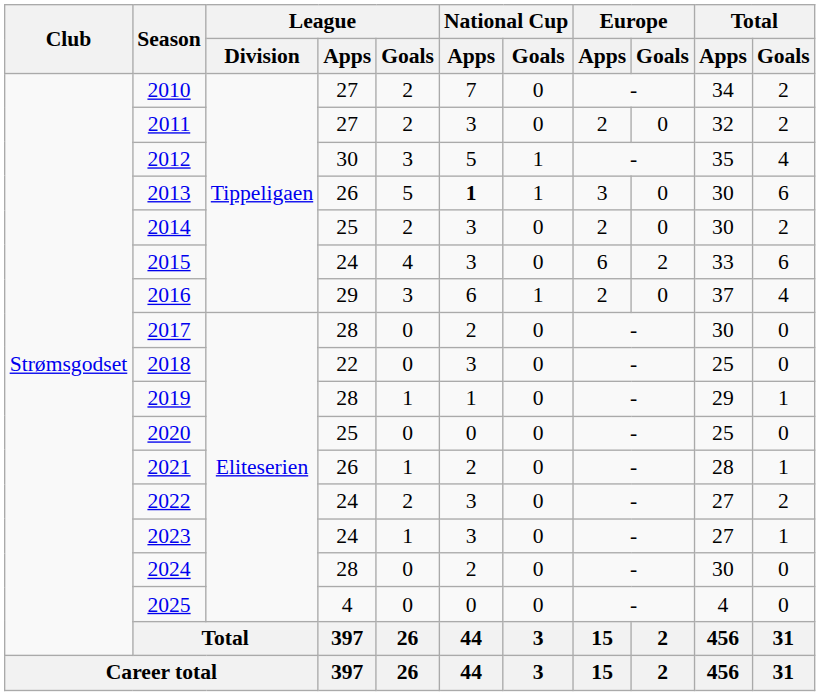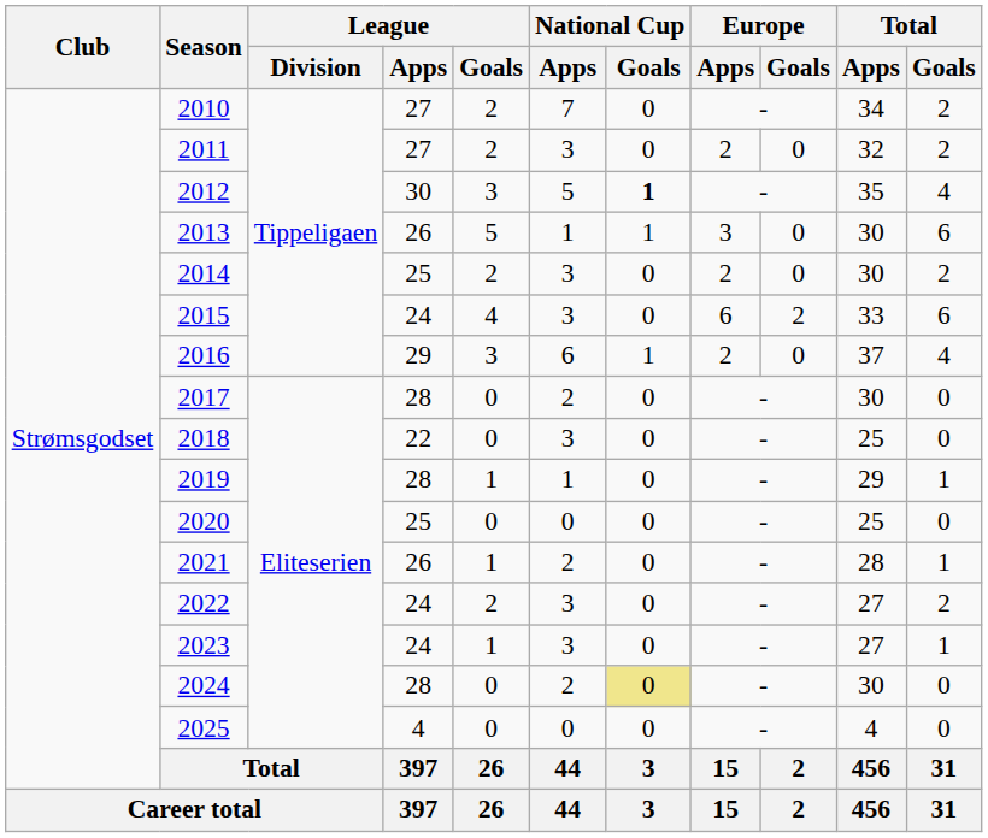 <table class="wikitable" style="text-align: center;">
 <tr>
 <th rowspan="2">Club</th>
 <th rowspan="2">Season</th>
 <th colspan="3">League</th>
 <th colspan="2">National Cup</th>
 <th colspan="2">Europe</th>
 <th colspan="2">Total</th>
 </tr>
 <tr>
 <th>Division</th>
 <th>Apps</th>
 <th>Goals</th>
 <th>Apps</th>
 <th>Goals</th>
 <th>Apps</th>
 <th>Goals</th>
 <th>Apps</th>
 <th>Goals</th>
 </tr>
 <tr>
 <td rowspan="17"><a href='#'>Strømsgodset</a></td>
 <td><a href='#'>2010</a></td>
 <td rowspan="7"><a href='#'>Tippeligaen</a></td>
 <td>27</td>
 <td>2</td>
 <td>7</td>
 <td>0</td>
 <td colspan="2">-</td>
 <td>34</td>
 <td>2</td>
 </tr>
 <tr>
 <td><a href='#'>2011</a></td>
 <td>27</td>
 <td>2</td>
 <td>3</td>
 <td>0</td>
 <td>2</td>
 <td>0</td>
 <td>32</td>
 <td>2</td>
 </tr>
 <tr>
 <td><a href='#'>2012</a></td>
 <td>30</td>
 <td>3</td>
 <td>5</td>
-<td>1</td>
+<td><strong>1</strong></td>
 <td colspan="2">-</td>
 <td>35</td>
 <td>4</td>
 </tr>
 <tr>
 <td><a href='#'>2013</a></td>
 <td>26</td>
 <td>5</td>
-<td><strong>1</strong></td>
+<td>1</td>
 <td>1</td>
 <td>3</td>
 <td>0</td>
 <td>30</td>
 <td>6</td>
 </tr>
 <tr>
 <td><a href='#'>2014</a></td>
 <td>25</td>
 <td>2</td>
 <td>3</td>
 <td>0</td>
 <td>2</td>
 <td>0</td>
 <td>30</td>
 <td>2</td>
 </tr>
 <tr>
 <td><a href='#'>2015</a></td>
 <td>24</td>
 <td>4</td>
 <td>3</td>
 <td>0</td>
 <td>6</td>
 <td>2</td>
 <td>33</td>
 <td>6</td>
 </tr>
 <tr>
 <td><a href='#'>2016</a></td>
 <td>29</td>
 <td>3</td>
 <td>6</td>
 <td>1</td>
 <td>2</td>
 <td>0</td>
 <td>37</td>
 <td>4</td>
 </tr>
 <tr>
 <td><a href='#'>2017</a></td>
 <td rowspan="9"><a href='#'>Eliteserien</a></td>
 <td>28</td>
 <td>0</td>
 <td>2</td>
 <td>0</td>
 <td colspan="2">-</td>
 <td>30</td>
 <td>0</td>
 </tr>
 <tr>
 <td><a href='#'>2018</a></td>
 <td>22</td>
 <td>0</td>
 <td>3</td>
 <td>0</td>
 <td colspan="2">-</td>
 <td>25</td>
 <td>0</td>
 </tr>
 <tr>
 <td><a href='#'>2019</a></td>
 <td>28</td>
 <td>1</td>
 <td>1</td>
 <td>0</td>
 <td colspan="2">-</td>
 <td>29</td>
 <td>1</td>
 </tr>
 <tr>
 <td><a href='#'>2020</a></td>
 <td>25</td>
 <td>0</td>
 <td>0</td>
 <td>0</td>
 <td colspan="2">-</td>
 <td>25</td>
 <td>0</td>
 </tr>
 <tr>
 <td><a href='#'>2021</a></td>
 <td>26</td>
 <td>1</td>
 <td>2</td>
 <td>0</td>
 <td colspan="2">-</td>
 <td>28</td>
 <td>1</td>
 </tr>
 <tr>
 <td><a href='#'>2022</a></td>
 <td>24</td>
 <td>2</td>
 <td>3</td>
 <td>0</td>
 <td colspan="2">-</td>
 <td>27</td>
 <td>2</td>
 </tr>
 <tr>
 <td><a href='#'>2023</a></td>
 <td>24</td>
 <td>1</td>
 <td>3</td>
 <td>0</td>
 <td colspan="2">-</td>
 <td>27</td>
 <td>1</td>
 </tr>
 <tr>
 <td><a href='#'>2024</a></td>
 <td>28</td>
 <td>0</td>
 <td>2</td>
-<td>0</td>
+<td style="background: khaki;">0</td>
 <td colspan="2">-</td>
 <td>30</td>
 <td>0</td>
 </tr>
 <tr>
 <td><a href='#'>2025</a></td>
 <td>4</td>
 <td>0</td>
 <td>0</td>
 <td>0</td>
 <td colspan="2">-</td>
 <td>4</td>
 <td>0</td>
 </tr>
 <tr>
 <th colspan="2">Total</th>
 <th>397</th>
 <th>26</th>
 <th>44</th>
 <th>3</th>
 <th>15</th>
 <th>2</th>
 <th>456</th>
 <th>31</th>
 </tr>
 <tr>
 <th colspan="3">Career total</th>
 <th>397</th>
 <th>26</th>
 <th>44</th>
 <th>3</th>
 <th>15</th>
 <th>2</th>
 <th>456</th>
 <th>31</th>
 </tr>
 </table>
